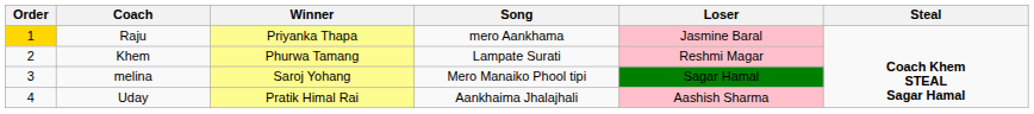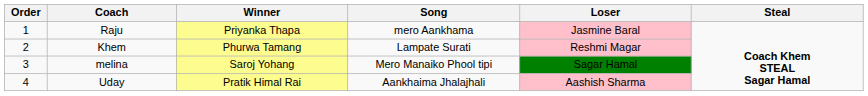 <table class="wikitable" style="text-align:center; width:100%;">
 <tr>
 <th scope="col" style="width:5%;">Order</th>
 <th scope="col" style="width:15%;">Coach</th>
 <th scope="col" style="width:20%;">Winner</th>
 <th scope="col" style="width:20%;">Song</th>
 <th scope="col" style="width:20%;">Loser</th>
 <th scope="col" style="width:20%;">Steal</th>
 </tr>
 <tr>
-<td scope="row" style="background: gold;">1</td>
+<td scope="row">1</td>
 <td>Raju</td>
 <td style="background:#fdfc8f;">Priyanka Thapa</td>
 <td>mero Aankhama</td>
 <td style="background:pink;">Jasmine Baral</td>
 <td rowspan="4"><br><br><strong>Coach Khem</strong> <br><strong>STEAL</strong> <br><strong>Sagar Hamal</strong></td>
 </tr>
 <tr>
 <td scope="row">2</td>
 <td>Khem</td>
 <td style="background:#fdfc8f;">Phurwa Tamang</td>
 <td>Lampate Surati</td>
 <td style="background:pink;">Reshmi Magar</td>
 </tr>
 <tr>
 <td scope="row">3</td>
 <td>melina</td>
 <td style="background:#fdfc8f;">Saroj Yohang</td>
 <td>Mero Manaiko Phool tipi</td>
 <td style="background:Green;">Sagar Hamal</td>
 </tr>
 <tr>
 <td scope="row">4</td>
 <td>Uday</td>
 <td style="background:#fdfc8f;">Pratik Himal Rai</td>
 <td>Aankhaima Jhalajhali</td>
 <td style="background:pink;">Aashish Sharma</td>
 </tr>
 </table>
